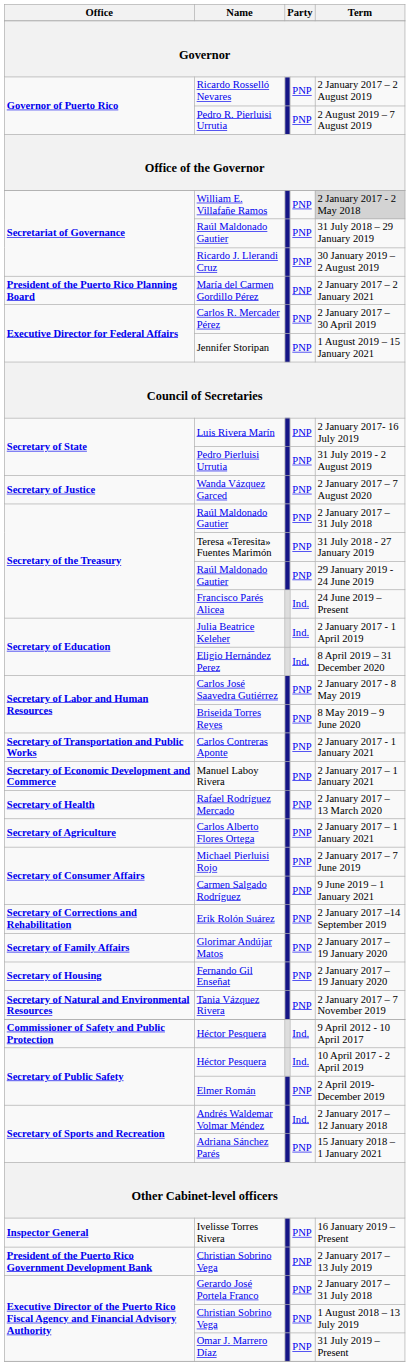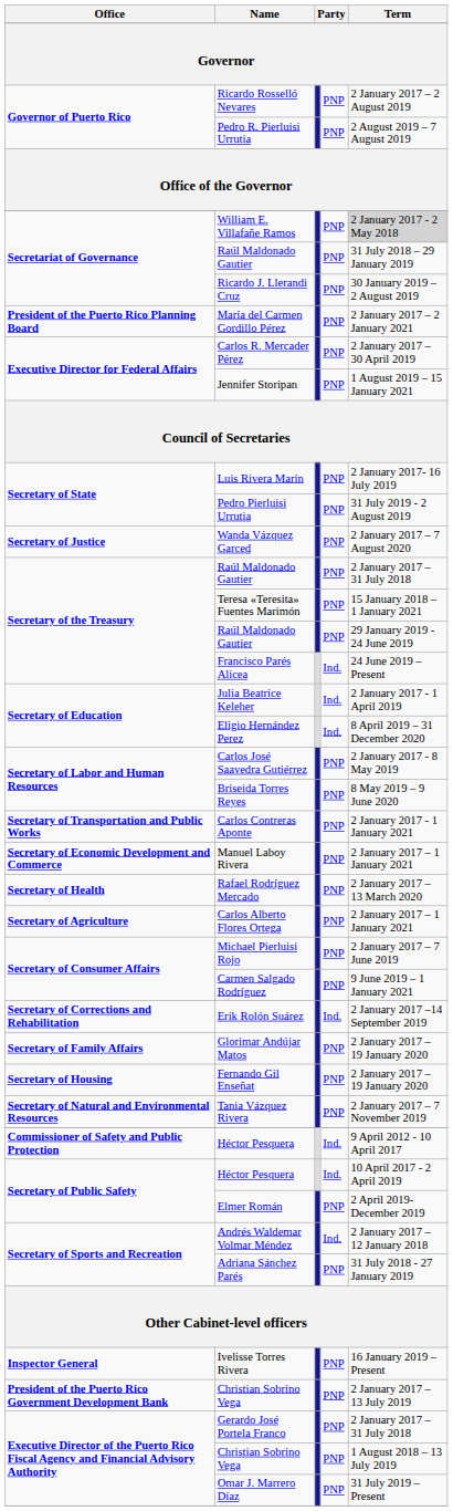 <table class="wikitable">
 <tr>
 <th>Office</th>
 <th>Name</th>
 <th colspan="2">Party</th>
 <th>Term</th>
 </tr>
 <tr>
 </tr>
 <tr>
 <th colspan="9"><br><h3>Governor</h3></th>
 </tr>
 <tr>
 <td rowspan="2"><strong><a href='#'>Governor of Puerto Rico</a></strong><br></td>
 <td><a href='#'>Ricardo Rosselló Nevares</a></td>
 <td style="background-color:#161686"></td>
 <td><a href='#'>PNP</a></td>
 <td>2 January 2017 – 2 August 2019</td>
 </tr>
 <tr>
 <td><a href='#'>Pedro R. Pierluisi Urrutia</a></td>
 <td style="background-color:#161686"></td>
 <td><a href='#'>PNP</a></td>
 <td>2 August 2019 – 7 August 2019</td>
 </tr>
 <tr>
 <th colspan="9"><br><h3>Office of the Governor</h3></th>
 </tr>
 <tr>
 </tr>
 <tr>
 <td rowspan="3"><strong><a href='#'>Secretariat of Governance</a></strong><br></td>
 <td><a href='#'>William E. Villafañe Ramos</a></td>
 <td style="background-color:#161686"></td>
 <td><a href='#'>PNP</a></td>
 <td style="background: lightgrey;">2 January 2017 - 2 May 2018</td>
 </tr>
 <tr>
 <td><a href='#'>Raúl Maldonado Gautier</a></td>
 <td style="background-color:#161686"></td>
 <td><a href='#'>PNP</a></td>
 <td>31 July 2018 – 29 January 2019</td>
 </tr>
 <tr>
 <td><a href='#'>Ricardo J. Llerandi Cruz</a></td>
 <td style="background-color:#161686"></td>
 <td><a href='#'>PNP</a></td>
 <td>30 January 2019 – 2 August 2019</td>
 </tr>
 <tr>
 <td rowspan="1"><strong><a href='#'>President of the Puerto Rico Planning Board</a></strong><br></td>
 <td><a href='#'>María del Carmen Gordillo Pérez</a></td>
 <td style="background-color:#161686"></td>
 <td><a href='#'>PNP</a></td>
 <td>2 January 2017 – 2 January 2021</td>
 </tr>
 <tr>
 <td rowspan="2"><strong><a href='#'>Executive Director for Federal Affairs</a></strong><br></td>
 <td><a href='#'>Carlos R. Mercader Pérez</a></td>
 <td style="background-color:#161686"></td>
 <td><a href='#'>PNP</a></td>
 <td>2 January 2017 – 30 April 2019</td>
 </tr>
 <tr>
 <td>Jennifer Storipan </td>
 <td style="background-color:#161686"></td>
 <td><a href='#'>PNP</a></td>
 <td>1 August 2019 – 15 January 2021</td>
 </tr>
 <tr>
 <th colspan="9"><br><h3>Council of Secretaries</h3></th>
 </tr>
 <tr>
 <td rowspan="2"><strong><a href='#'>Secretary of State</a></strong><br></td>
 <td><a href='#'>Luis Rivera Marín</a></td>
 <td style="background-color:#161686"></td>
 <td><a href='#'>PNP</a></td>
 <td>2 January 2017- 16 July 2019</td>
 </tr>
 <tr>
 <td><a href='#'>Pedro Pierluisi Urrutia</a></td>
 <td style="background-color:#161686"></td>
 <td><a href='#'>PNP</a></td>
 <td>31 July 2019 - 2 August 2019</td>
 </tr>
 <tr>
 <td rowspan="1"><strong><a href='#'>Secretary of Justice</a></strong><br></td>
 <td><a href='#'>Wanda Vázquez Garced</a></td>
 <td style="background-color:#161686"></td>
 <td><a href='#'>PNP</a></td>
 <td>2 January 2017 – 7 August 2020</td>
 </tr>
 <tr>
 <td rowspan="4"><strong><a href='#'>Secretary of the Treasury</a></strong><br></td>
 <td><a href='#'>Raúl Maldonado Gautier</a></td>
 <td style="background-color:#161686"></td>
 <td><a href='#'>PNP</a></td>
 <td>2 January 2017 – 31 July 2018</td>
 </tr>
 <tr>
 <td>Teresa «Teresita» Fuentes Marimón</td>
 <td style="background-color:#161686"></td>
 <td><a href='#'>PNP</a></td>
-<td>31 July 2018 - 27 January 2019</td>
+<td>15 January 2018 – 1 January 2021</td>
 </tr>
 <tr>
 <td><a href='#'>Raúl Maldonado Gautier</a></td>
 <td style="background-color:#161686"></td>
 <td><a href='#'>PNP</a></td>
 <td>29 January 2019 - 24 June 2019</td>
 </tr>
 <tr>
 <td><a href='#'>Francisco Parés Alicea</a></td>
 <td style="background-color:#DDDDDD"></td>
 <td><a href='#'>Ind.</a></td>
 <td>24 June 2019 – Present</td>
 </tr>
 <tr>
 <td rowspan="2"><strong><a href='#'>Secretary of Education</a></strong><br></td>
 <td><a href='#'>Julia Beatrice Keleher</a></td>
 <td style="background-color:#DDDDDD"></td>
 <td><a href='#'>Ind.</a></td>
 <td>2 January 2017 - 1 April  2019</td>
 </tr>
 <tr>
 <td><a href='#'>Eligio Hernández Perez</a></td>
 <td style="background-color:#DDDDDD"></td>
 <td><a href='#'>Ind.</a></td>
 <td>8 April  2019 – 31 December 2020</td>
 </tr>
 <tr>
 <td rowspan="2"><strong><a href='#'>Secretary of Labor and Human Resources</a></strong><br></td>
 <td><a href='#'>Carlos José Saavedra Gutiérrez</a></td>
 <td style="background-color:#161686"></td>
 <td><a href='#'>PNP</a></td>
 <td>2 January 2017 - 8 May 2019</td>
 </tr>
 <tr>
 <td><a href='#'>Briseida Torres Reyes</a></td>
 <td style="background-color:#161686"></td>
 <td><a href='#'>PNP</a></td>
 <td>8 May 2019 – 9 June 2020</td>
 </tr>
 <tr>
 <td><strong><a href='#'>Secretary of Transportation and Public Works</a></strong><br></td>
 <td><a href='#'>Carlos Contreras Aponte</a></td>
 <td style="background-color:#161686"></td>
 <td><a href='#'>PNP</a></td>
 <td>2 January 2017 - 1 January 2021</td>
 </tr>
 <tr>
 <td><strong><a href='#'>Secretary of Economic Development and Commerce</a></strong><br></td>
 <td>Manuel Laboy Rivera</td>
 <td style="background-color:#161686"></td>
 <td><a href='#'>PNP</a></td>
 <td>2 January  2017 – 1 January 2021</td>
 </tr>
 <tr>
 <td rowspan="1"><strong><a href='#'>Secretary of Health</a></strong><br></td>
 <td><a href='#'>Rafael Rodríguez Mercado</a></td>
 <td style="background-color:#161686"></td>
 <td><a href='#'>PNP</a></td>
 <td>2 January  2017 – 13 March 2020</td>
 </tr>
 <tr>
 <td><strong><a href='#'>Secretary of Agriculture</a></strong><br></td>
 <td><a href='#'>Carlos Alberto Flores Ortega</a></td>
 <td style="background-color:#161686"></td>
 <td><a href='#'>PNP</a></td>
 <td>2 January  2017 – 1 January 2021</td>
 </tr>
 <tr>
 <td rowspan="2"><strong><a href='#'>Secretary of Consumer Affairs</a></strong><br></td>
 <td><a href='#'>Michael Pierluisi Rojo</a></td>
 <td style="background-color:#161686"></td>
 <td><a href='#'>PNP</a></td>
 <td>2 January 2017 – 7 June 2019</td>
 </tr>
 <tr>
 <td><a href='#'>Carmen Salgado Rodríguez</a></td>
 <td style="background-color:#161686"></td>
 <td><a href='#'>PNP</a></td>
 <td>9 June 2019 – 1 January 2021</td>
 </tr>
 <tr>
 <td><strong><a href='#'>Secretary of Corrections and Rehabilitation</a></strong><br></td>
 <td><a href='#'>Erik Rolón Suárez</a></td>
 <td style="background-color:#161686"></td>
-<td><a href='#'>PNP</a></td>
+<td><a href='#'>Ind.</a></td>
 <td>2 January 2017 –14 September 2019</td>
 </tr>
 <tr>
 <td rowspan="1"><strong><a href='#'>Secretary of Family Affairs</a></strong><br></td>
 <td><a href='#'>Glorimar Andújar Matos</a></td>
 <td style="background-color:#161686"></td>
 <td><a href='#'>PNP</a></td>
 <td>2 January 2017 – 19 January 2020</td>
 </tr>
 <tr>
 <td rowspan="1"><strong><a href='#'>Secretary of Housing</a></strong><br></td>
 <td><a href='#'>Fernando Gil Enseñat</a></td>
 <td style="background-color:#161686"></td>
 <td><a href='#'>PNP</a></td>
 <td>2 January  2017 – 19 January 2020</td>
 </tr>
 <tr>
 <td rowspan="1"><strong><a href='#'>Secretary of Natural and Environmental Resources</a></strong><br></td>
 <td><a href='#'>Tania Vázquez Rivera</a></td>
 <td style="background-color:#161686"></td>
 <td><a href='#'>PNP</a></td>
 <td>2 January 2017 – 7 November 2019 </td>
 </tr>
 <tr>
 </tr>
 <tr>
 <td rowspan="1"><strong><a href='#'>Commissioner of Safety and Public Protection</a></strong><br></td>
 <td><a href='#'>Héctor Pesquera</a></td>
 <td style="background-color:#DDDDDD"></td>
 <td><a href='#'>Ind.</a></td>
 <td>9 April 2012 - 10 April 2017</td>
 </tr>
 <tr>
 <td rowspan="2"><strong><a href='#'>Secretary of Public Safety</a></strong><br></td>
 <td><a href='#'>Héctor Pesquera</a></td>
 <td style="background-color:#DDDDDD"></td>
 <td><a href='#'>Ind.</a></td>
 <td>10 April 2017 - 2 April 2019</td>
 </tr>
 <tr>
 <td><a href='#'>Elmer Román</a></td>
 <td style="background-color:#161686"></td>
 <td><a href='#'>PNP</a></td>
 <td>2 April 2019-December 2019</td>
 </tr>
 <tr>
 <td rowspan="2"><strong><a href='#'>Secretary of Sports and Recreation</a></strong><br></td>
 <td><a href='#'>Andrés Waldemar Volmar Méndez</a></td>
 <td style="background-color:#161686"></td>
 <td><a href='#'>Ind.</a></td>
 <td>2 January 2017 – 12 January 2018</td>
 </tr>
 <tr>
 <td><a href='#'>Adriana Sánchez Parés</a></td>
 <td style="background-color:#161686"></td>
 <td><a href='#'>PNP</a></td>
-<td>15 January 2018 – 1 January 2021</td>
+<td>31 July 2018 - 27 January 2019</td>
 </tr>
 <tr>
 <th colspan="9"><br><h3>Other Cabinet-level officers</h3></th>
 </tr>
 <tr>
 <td><strong><a href='#'>Inspector General</a></strong><br></td>
 <td>Ivelisse Torres Rivera</td>
 <td style="background-color:#161686"></td>
 <td><a href='#'>PNP</a></td>
 <td>16 January 2019 – Present</td>
 </tr>
 <tr>
 <td><strong><a href='#'>President of the Puerto Rico Government Development Bank</a></strong><br></td>
 <td><a href='#'>Christian Sobrino Vega</a></td>
 <td style="background-color:#161686"></td>
 <td><a href='#'>PNP</a></td>
 <td>2 January 2017 – 13 July 2019</td>
 </tr>
 <tr>
 <td rowspan="3"><strong><a href='#'>Executive Director of the Puerto Rico Fiscal Agency and Financial Advisory Authority</a></strong><br></td>
 <td><a href='#'>Gerardo José Portela Franco</a></td>
 <td style="background-color:#161686"></td>
 <td><a href='#'>PNP</a></td>
 <td>2 January 2017 – 31 July 2018</td>
 </tr>
 <tr>
 <td><a href='#'>Christian Sobrino Vega</a></td>
 <td style="background-color:#161686"></td>
 <td><a href='#'>PNP</a></td>
 <td>1 August 2018 – 13 July 2019</td>
 </tr>
 <tr>
 <td><a href='#'>Omar J. Marrero Díaz</a></td>
 <td style="background-color:#161686"></td>
 <td><a href='#'>PNP</a></td>
 <td>31 July 2019 – Present</td>
 </tr>
 <tr>
 </tr>
 </table>
